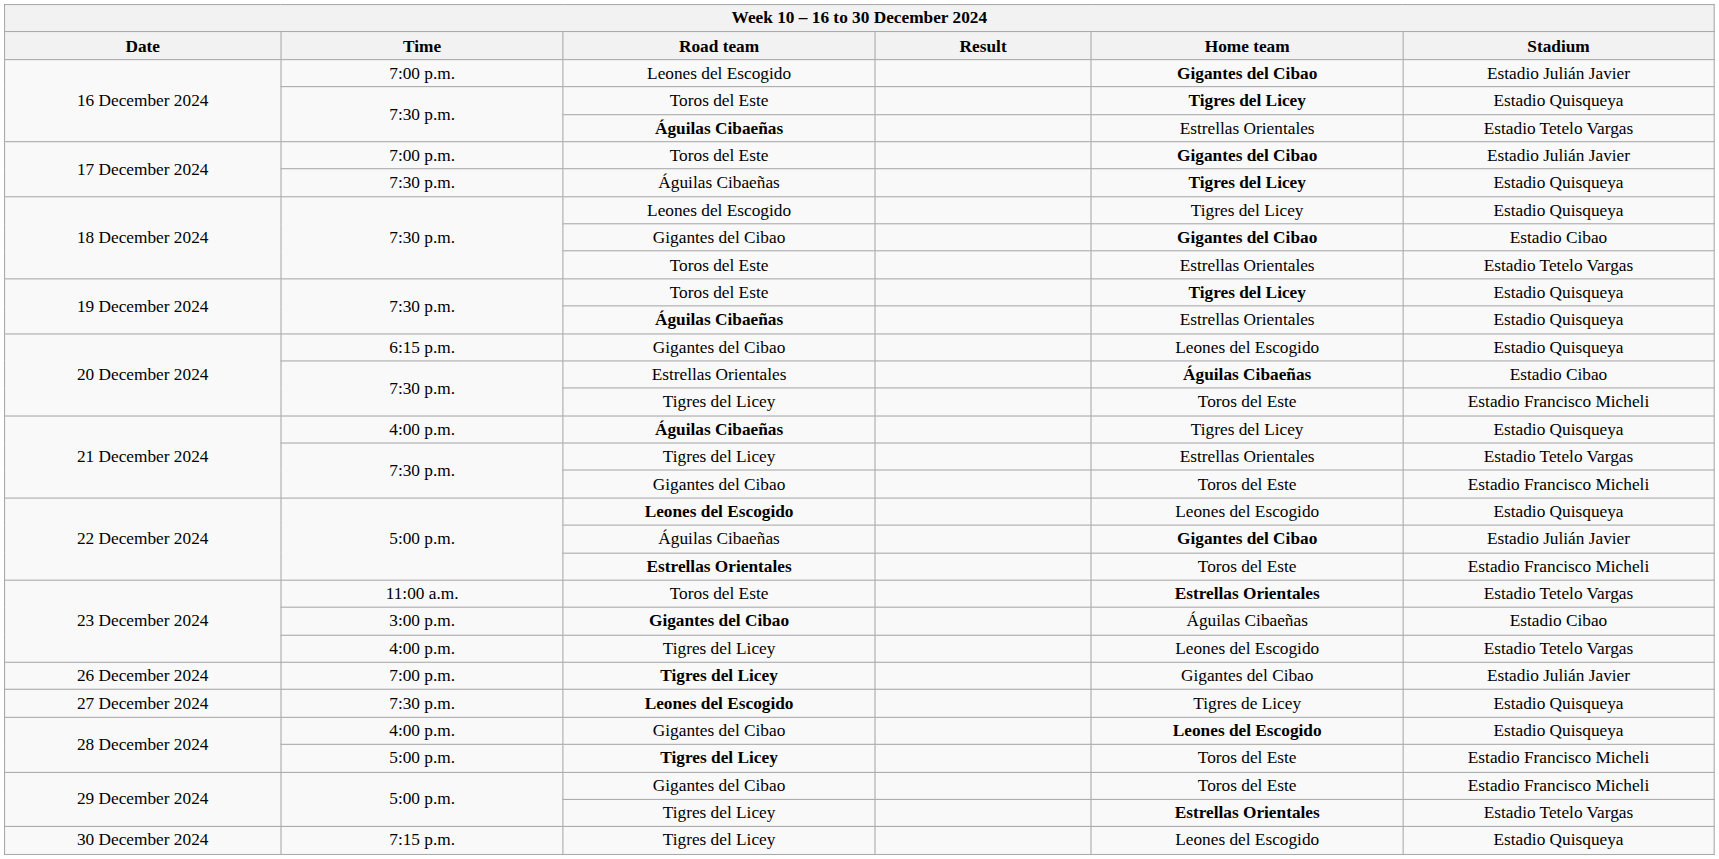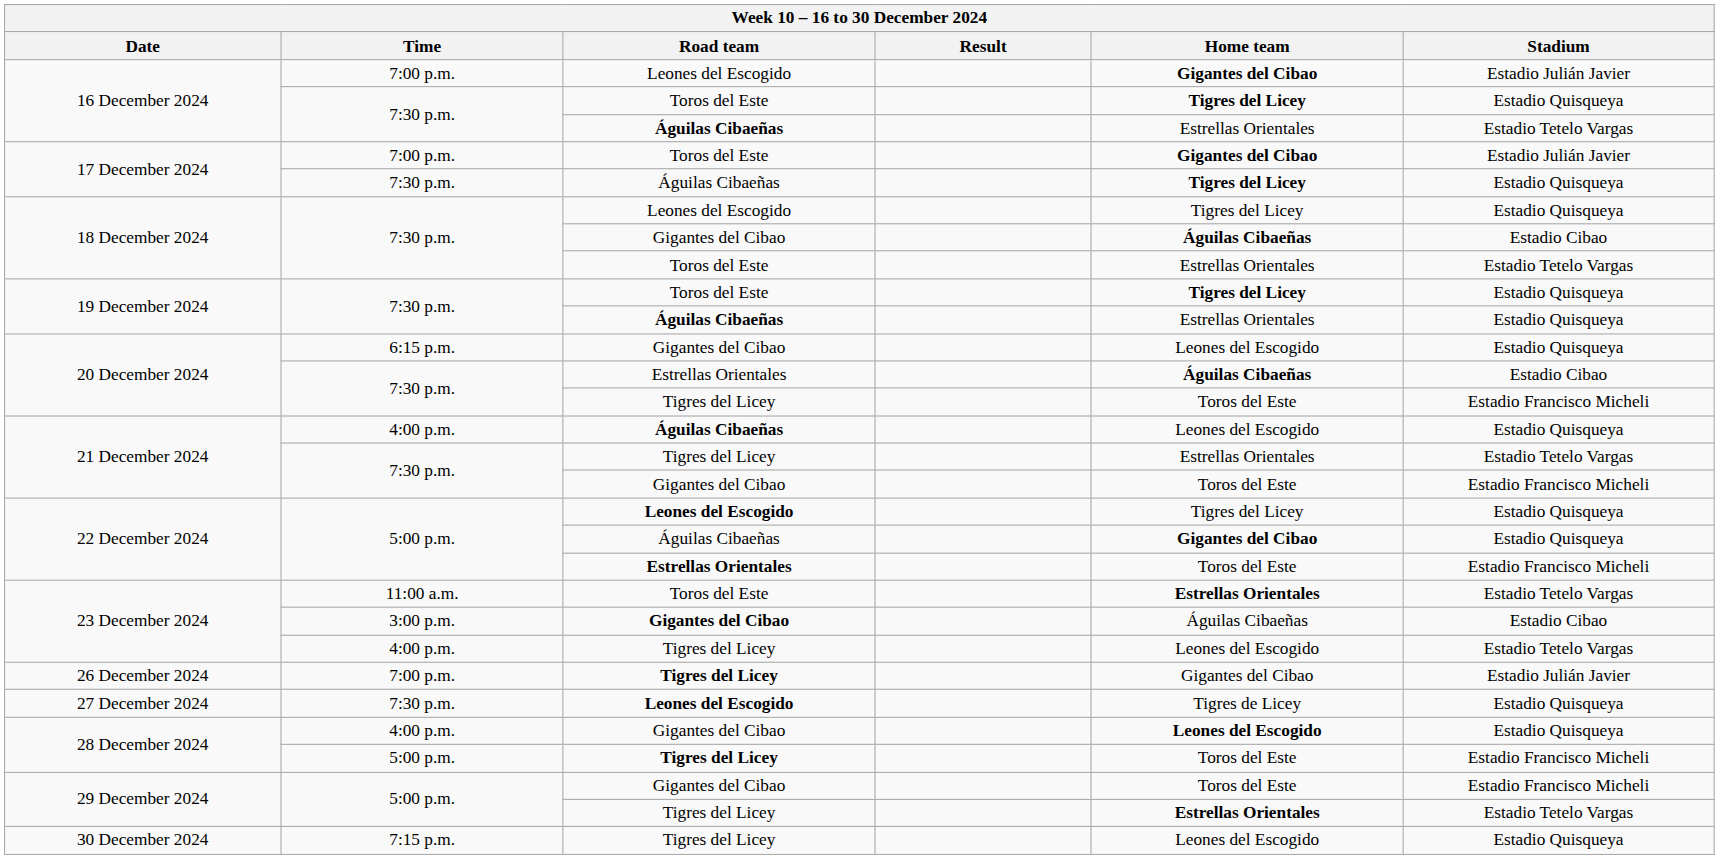 <table class="wikitable collapsible collapsed" style="font-size: 100%; text-align: center; width: 100%;">
 <tr>
 <th colspan="6" style="with: 100%;" align=center>Week 10 – 16 to 30 December 2024</th>
 </tr>
 <tr>
 <th width="50">Date</th>
 <th width="50">Time</th>
 <th width="75">Road team</th>
 <th width="50">Result</th>
 <th width="75">Home team</th>
 <th width="75">Stadium</th>
 </tr>
 <tr>
 <td rowspan="3">16 December 2024</td>
 <td>7:00 p.m.</td>
 <td>Leones del Escogido</td>
 <td></td>
 <td><strong>Gigantes del Cibao</strong></td>
 <td>Estadio Julián Javier</td>
 </tr>
 <tr>
 <td rowspan="2">7:30 p.m.</td>
 <td>Toros del Este</td>
 <td></td>
 <td><strong>Tigres del Licey</strong></td>
 <td>Estadio Quisqueya</td>
 </tr>
 <tr>
 <td><strong>Águilas Cibaeñas</strong></td>
 <td></td>
 <td>Estrellas Orientales</td>
 <td>Estadio Tetelo Vargas</td>
 </tr>
 <tr>
 <td rowspan="2">17 December 2024</td>
 <td>7:00 p.m.</td>
 <td>Toros del Este</td>
 <td></td>
 <td><strong>Gigantes del Cibao</strong></td>
 <td>Estadio Julián Javier</td>
 </tr>
 <tr>
 <td>7:30 p.m.</td>
 <td>Águilas Cibaeñas</td>
 <td></td>
 <td><strong>Tigres del Licey</strong></td>
 <td>Estadio Quisqueya</td>
 </tr>
 <tr>
 <td rowspan="3">18 December 2024</td>
 <td rowspan="3">7:30 p.m.</td>
 <td>Leones del Escogido</td>
 <td></td>
 <td>Tigres del Licey</td>
 <td>Estadio Quisqueya</td>
 </tr>
 <tr>
 <td>Gigantes del Cibao</td>
 <td></td>
-<td><strong>Gigantes del Cibao</strong></td>
+<td><strong>Águilas Cibaeñas</strong></td>
 <td>Estadio Cibao</td>
 </tr>
 <tr>
 <td>Toros del Este</td>
 <td></td>
 <td>Estrellas Orientales</td>
 <td>Estadio Tetelo Vargas</td>
 </tr>
 <tr>
 <td rowspan="2">19 December 2024</td>
 <td rowspan="2">7:30 p.m.</td>
 <td>Toros del Este</td>
 <td></td>
 <td><strong>Tigres del Licey</strong></td>
 <td>Estadio Quisqueya</td>
 </tr>
 <tr>
 <td><strong>Águilas Cibaeñas</strong></td>
 <td></td>
 <td>Estrellas Orientales</td>
 <td>Estadio Quisqueya</td>
 </tr>
 <tr>
 <td rowspan="3">20 December 2024</td>
 <td>6:15 p.m.</td>
 <td>Gigantes del Cibao</td>
 <td></td>
 <td>Leones del Escogido</td>
 <td>Estadio Quisqueya</td>
 </tr>
 <tr>
 <td rowspan="2">7:30 p.m.</td>
 <td>Estrellas Orientales</td>
 <td></td>
 <td><strong>Águilas Cibaeñas</strong></td>
 <td>Estadio Cibao</td>
 </tr>
 <tr>
 <td>Tigres del Licey</td>
 <td></td>
 <td>Toros del Este</td>
 <td>Estadio Francisco Micheli</td>
 </tr>
 <tr>
 <td rowspan="3">21 December 2024</td>
 <td>4:00 p.m.</td>
 <td><strong>Águilas Cibaeñas</strong></td>
 <td></td>
-<td>Tigres del Licey</td>
+<td>Leones del Escogido</td>
 <td>Estadio Quisqueya</td>
 </tr>
 <tr>
 <td rowspan="2">7:30 p.m.</td>
 <td>Tigres del Licey</td>
 <td></td>
 <td>Estrellas Orientales</td>
 <td>Estadio Tetelo Vargas</td>
 </tr>
 <tr>
 <td>Gigantes del Cibao</td>
 <td></td>
 <td>Toros del Este</td>
 <td>Estadio Francisco Micheli</td>
 </tr>
 <tr>
 <td rowspan="3">22 December 2024</td>
 <td rowspan="3">5:00 p.m.</td>
 <td><strong>Leones del Escogido</strong></td>
 <td></td>
-<td>Leones del Escogido</td>
+<td>Tigres del Licey</td>
 <td>Estadio Quisqueya</td>
 </tr>
 <tr>
 <td>Águilas Cibaeñas</td>
 <td></td>
 <td><strong>Gigantes del Cibao</strong></td>
-<td>Estadio Julián Javier</td>
+<td>Estadio Quisqueya</td>
 </tr>
 <tr>
 <td><strong>Estrellas Orientales</strong></td>
 <td></td>
 <td>Toros del Este</td>
 <td>Estadio Francisco Micheli</td>
 </tr>
 <tr>
 <td rowspan="3">23 December 2024</td>
 <td>11:00 a.m.</td>
 <td>Toros del Este</td>
 <td></td>
 <td><strong>Estrellas Orientales</strong></td>
 <td>Estadio Tetelo Vargas</td>
 </tr>
 <tr>
 <td>3:00 p.m.</td>
 <td><strong>Gigantes del Cibao</strong></td>
 <td></td>
 <td>Águilas Cibaeñas</td>
 <td>Estadio Cibao</td>
 </tr>
 <tr>
 <td>4:00 p.m.</td>
 <td>Tigres del Licey</td>
 <td></td>
 <td>Leones del Escogido</td>
 <td>Estadio Tetelo Vargas</td>
 </tr>
 <tr>
 <td>26 December 2024</td>
 <td>7:00 p.m.</td>
 <td><strong>Tigres del Licey</strong></td>
 <td></td>
 <td>Gigantes del Cibao</td>
 <td>Estadio Julián Javier</td>
 </tr>
 <tr>
 <td>27 December 2024</td>
 <td>7:30 p.m.</td>
 <td><strong>Leones del Escogido</strong></td>
 <td></td>
 <td>Tigres de Licey</td>
 <td>Estadio Quisqueya</td>
 </tr>
 <tr>
 <td rowspan="2">28 December 2024</td>
 <td>4:00 p.m.</td>
 <td>Gigantes del Cibao</td>
 <td></td>
 <td><strong>Leones del Escogido</strong></td>
 <td>Estadio Quisqueya</td>
 </tr>
 <tr>
 <td>5:00 p.m.</td>
 <td><strong>Tigres del Licey</strong></td>
 <td></td>
 <td>Toros del Este</td>
 <td>Estadio Francisco Micheli</td>
 </tr>
 <tr>
 <td rowspan="2">29 December 2024</td>
 <td rowspan="2">5:00 p.m.</td>
 <td>Gigantes del Cibao</td>
 <td></td>
 <td>Toros del Este</td>
 <td>Estadio Francisco Micheli</td>
 </tr>
 <tr>
 <td>Tigres del Licey</td>
 <td></td>
 <td><strong>Estrellas Orientales</strong></td>
 <td>Estadio Tetelo Vargas</td>
 </tr>
 <tr>
 <td>30 December 2024</td>
 <td>7:15 p.m.</td>
 <td>Tigres del Licey</td>
 <td></td>
 <td>Leones del Escogido</td>
 <td>Estadio Quisqueya</td>
 </tr>
 </table>
